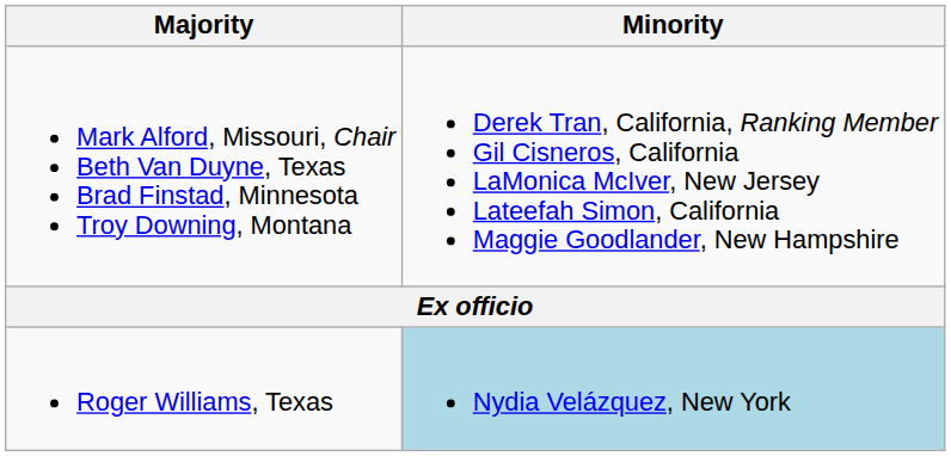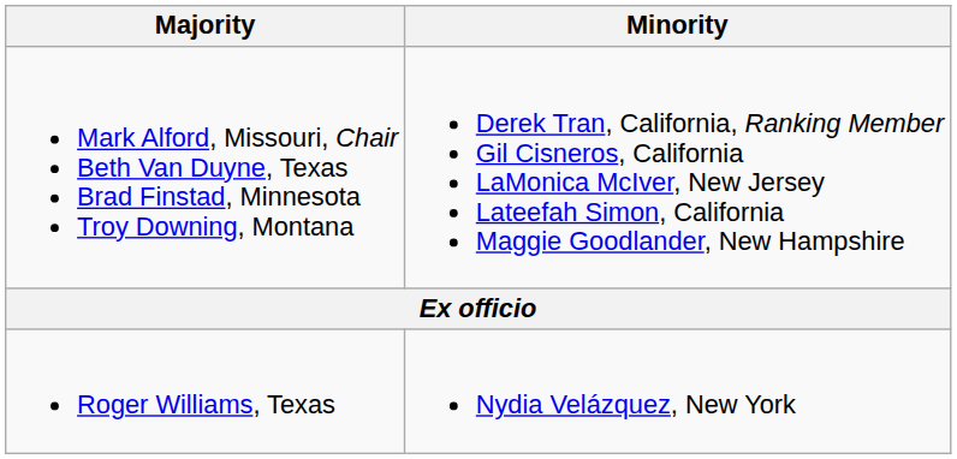 <table class=wikitable>
 <tr>
 <th>Majority</th>
 <th>Minority</th>
 </tr>
 <tr>
 <td><br><ul><li><a href='#'>Mark Alford</a>, Missouri, <em>Chair</em></li><li><a href='#'>Beth Van Duyne</a>, Texas</li><li><a href='#'>Brad Finstad</a>, Minnesota</li><li><a href='#'>Troy Downing</a>, Montana</li></ul></td>
 <td><br><ul><li><a href='#'>Derek Tran</a>, California, <em>Ranking Member</em></li><li><a href='#'>Gil Cisneros</a>, California</li><li><a href='#'>LaMonica McIver</a>, New Jersey</li><li><a href='#'>Lateefah Simon</a>, California</li><li><a href='#'>Maggie Goodlander</a>, New Hampshire</li></ul></td>
 </tr>
 <tr>
 <th colspan=2><em>Ex officio</em></th>
 </tr>
 <tr>
 <td><br><ul><li><a href='#'>Roger Williams</a>, Texas</li></ul></td>
-<td style="background: lightblue;"><br><ul><li><a href='#'>Nydia Velázquez</a>, New York</li></ul></td>
+<td><br><ul><li><a href='#'>Nydia Velázquez</a>, New York</li></ul></td>
 </tr>
 </table>
